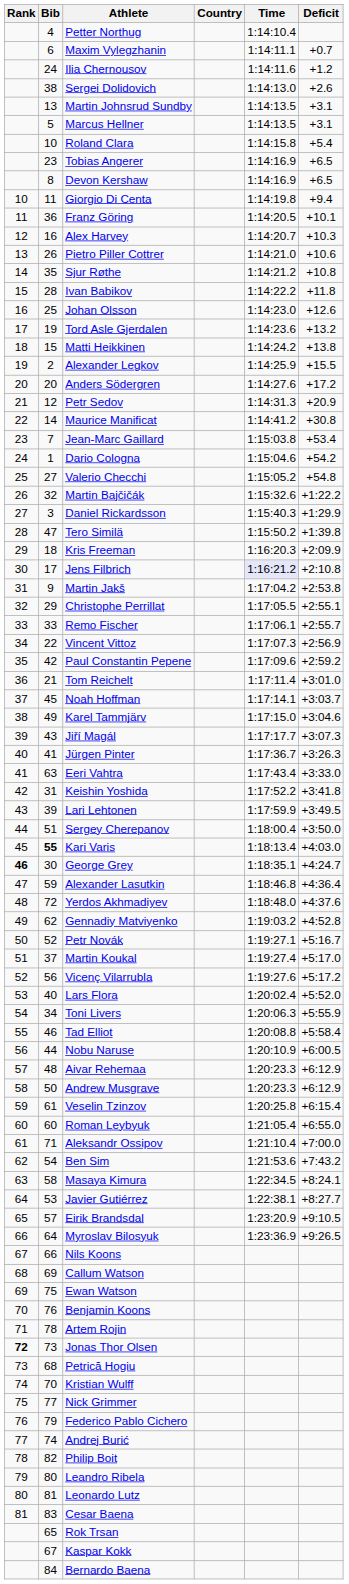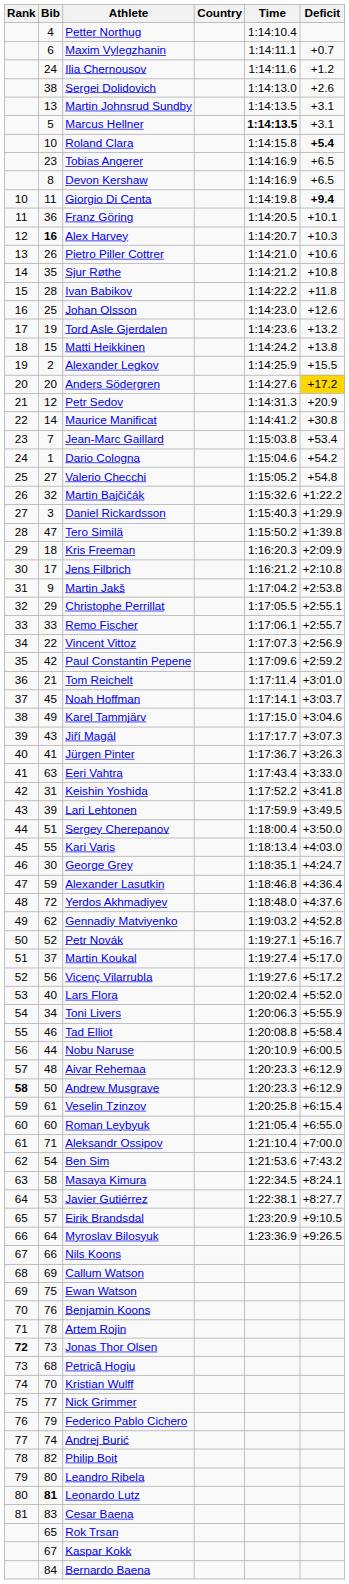 <table class="wikitable sortable" style="text-align:center">
 <tr>
 <th>Rank</th>
 <th>Bib</th>
 <th>Athlete</th>
 <th>Country</th>
 <th>Time</th>
 <th>Deficit</th>
 </tr>
 <tr>
 <td></td>
 <td>4</td>
 <td align=left><a href='#'>Petter Northug</a></td>
 <td align=left></td>
 <td>1:14:10.4</td>
 <td></td>
 </tr>
 <tr>
 <td></td>
 <td>6</td>
 <td align=left><a href='#'>Maxim Vylegzhanin</a></td>
 <td align=left></td>
 <td>1:14:11.1</td>
 <td>+0.7</td>
 </tr>
 <tr>
 <td></td>
 <td>24</td>
 <td align=left><a href='#'>Ilia Chernousov</a></td>
 <td align=left></td>
 <td>1:14:11.6</td>
 <td>+1.2</td>
 </tr>
 <tr>
 <td></td>
 <td>38</td>
 <td align=left><a href='#'>Sergei Dolidovich</a></td>
 <td align=left></td>
 <td>1:14:13.0</td>
 <td>+2.6</td>
 </tr>
 <tr>
 <td></td>
 <td>13</td>
 <td align=left><a href='#'>Martin Johnsrud Sundby</a></td>
 <td align=left></td>
 <td>1:14:13.5</td>
 <td>+3.1</td>
 </tr>
 <tr>
 <td></td>
 <td>5</td>
 <td align=left><a href='#'>Marcus Hellner</a></td>
 <td align=left></td>
-<td>1:14:13.5</td>
+<td><strong>1:14:13.5</strong></td>
 <td>+3.1</td>
 </tr>
 <tr>
 <td></td>
 <td>10</td>
 <td align=left><a href='#'>Roland Clara</a></td>
 <td align=left></td>
 <td>1:14:15.8</td>
-<td>+5.4</td>
+<td><strong>+5.4</strong></td>
 </tr>
 <tr>
 <td></td>
 <td>23</td>
 <td align=left><a href='#'>Tobias Angerer</a></td>
 <td align=left></td>
 <td>1:14:16.9</td>
 <td>+6.5</td>
 </tr>
 <tr>
 <td></td>
 <td>8</td>
 <td align=left><a href='#'>Devon Kershaw</a></td>
 <td align=left></td>
 <td>1:14:16.9</td>
 <td>+6.5</td>
 </tr>
 <tr>
 <td>10</td>
 <td>11</td>
 <td align=left><a href='#'>Giorgio Di Centa</a></td>
 <td align=left></td>
 <td>1:14:19.8</td>
-<td>+9.4</td>
+<td><strong>+9.4</strong></td>
 </tr>
 <tr>
 <td>11</td>
 <td>36</td>
 <td align=left><a href='#'>Franz Göring</a></td>
 <td align=left></td>
 <td>1:14:20.5</td>
 <td>+10.1</td>
 </tr>
 <tr>
 <td>12</td>
-<td>16</td>
+<td><strong>16</strong></td>
 <td align=left><a href='#'>Alex Harvey</a></td>
 <td align=left></td>
 <td>1:14:20.7</td>
 <td>+10.3</td>
 </tr>
 <tr>
 <td>13</td>
 <td>26</td>
 <td align=left><a href='#'>Pietro Piller Cottrer</a></td>
 <td align=left></td>
 <td>1:14:21.0</td>
 <td>+10.6</td>
 </tr>
 <tr>
 <td>14</td>
 <td>35</td>
 <td align=left><a href='#'>Sjur Røthe</a></td>
 <td align=left></td>
 <td>1:14:21.2</td>
 <td>+10.8</td>
 </tr>
 <tr>
 <td>15</td>
 <td>28</td>
 <td align=left><a href='#'>Ivan Babikov</a></td>
 <td align=left></td>
 <td>1:14:22.2</td>
 <td>+11.8</td>
 </tr>
 <tr>
 <td>16</td>
 <td>25</td>
 <td align=left><a href='#'>Johan Olsson</a></td>
 <td align=left></td>
 <td>1:14:23.0</td>
 <td>+12.6</td>
 </tr>
 <tr>
 <td>17</td>
 <td>19</td>
 <td align=left><a href='#'>Tord Asle Gjerdalen</a></td>
 <td align=left></td>
 <td>1:14:23.6</td>
 <td>+13.2</td>
 </tr>
 <tr>
 <td>18</td>
 <td>15</td>
 <td align=left><a href='#'>Matti Heikkinen</a></td>
 <td align=left></td>
 <td>1:14:24.2</td>
 <td>+13.8</td>
 </tr>
 <tr>
 <td>19</td>
 <td>2</td>
 <td align=left><a href='#'>Alexander Legkov</a></td>
 <td align=left></td>
 <td>1:14:25.9</td>
 <td>+15.5</td>
 </tr>
 <tr>
 <td>20</td>
 <td>20</td>
 <td align=left><a href='#'>Anders Södergren</a></td>
 <td align=left></td>
 <td>1:14:27.6</td>
-<td>+17.2</td>
+<td style="background: gold;">+17.2</td>
 </tr>
 <tr>
 <td>21</td>
 <td>12</td>
 <td align=left><a href='#'>Petr Sedov</a></td>
 <td align=left></td>
 <td>1:14:31.3</td>
 <td>+20.9</td>
 </tr>
 <tr>
 <td>22</td>
 <td>14</td>
 <td align=left><a href='#'>Maurice Manificat</a></td>
 <td align=left></td>
 <td>1:14:41.2</td>
 <td>+30.8</td>
 </tr>
 <tr>
 <td>23</td>
 <td>7</td>
 <td align=left><a href='#'>Jean-Marc Gaillard</a></td>
 <td align=left></td>
 <td>1:15:03.8</td>
 <td>+53.4</td>
 </tr>
 <tr>
 <td>24</td>
 <td>1</td>
 <td align=left><a href='#'>Dario Cologna</a></td>
 <td align=left></td>
 <td>1:15:04.6</td>
 <td>+54.2</td>
 </tr>
 <tr>
 <td>25</td>
 <td>27</td>
 <td align=left><a href='#'>Valerio Checchi</a></td>
 <td align=left></td>
 <td>1:15:05.2</td>
 <td>+54.8</td>
 </tr>
 <tr>
 <td>26</td>
 <td>32</td>
 <td align=left><a href='#'>Martin Bajčičák</a></td>
 <td align=left></td>
 <td>1:15:32.6</td>
 <td>+1:22.2</td>
 </tr>
 <tr>
 <td>27</td>
 <td>3</td>
 <td align=left><a href='#'>Daniel Rickardsson</a></td>
 <td align=left></td>
 <td>1:15:40.3</td>
 <td>+1:29.9</td>
 </tr>
 <tr>
 <td>28</td>
 <td>47</td>
 <td align=left><a href='#'>Tero Similä</a></td>
 <td align=left></td>
 <td>1:15:50.2</td>
 <td>+1:39.8</td>
 </tr>
 <tr>
 <td>29</td>
 <td>18</td>
 <td align=left><a href='#'>Kris Freeman</a></td>
 <td align=left></td>
 <td>1:16:20.3</td>
 <td>+2:09.9</td>
 </tr>
 <tr>
 <td>30</td>
 <td>17</td>
 <td align=left><a href='#'>Jens Filbrich</a></td>
 <td align=left></td>
-<td style="background: lavender;">1:16:21.2</td>
+<td>1:16:21.2</td>
 <td>+2:10.8</td>
 </tr>
 <tr>
 <td>31</td>
 <td>9</td>
 <td align=left><a href='#'>Martin Jakš</a></td>
 <td align=left></td>
 <td>1:17:04.2</td>
 <td>+2:53.8</td>
 </tr>
 <tr>
 <td>32</td>
 <td>29</td>
 <td align=left><a href='#'>Christophe Perrillat</a></td>
 <td align=left></td>
 <td>1:17:05.5</td>
 <td>+2:55.1</td>
 </tr>
 <tr>
 <td>33</td>
 <td>33</td>
 <td align=left><a href='#'>Remo Fischer</a></td>
 <td align=left></td>
 <td>1:17:06.1</td>
 <td>+2:55.7</td>
 </tr>
 <tr>
 <td>34</td>
 <td>22</td>
 <td align=left><a href='#'>Vincent Vittoz</a></td>
 <td align=left></td>
 <td>1:17:07.3</td>
 <td>+2:56.9</td>
 </tr>
 <tr>
 <td>35</td>
 <td>42</td>
 <td align=left><a href='#'>Paul Constantin Pepene</a></td>
 <td align=left></td>
 <td>1:17:09.6</td>
 <td>+2:59.2</td>
 </tr>
 <tr>
 <td>36</td>
 <td>21</td>
 <td align=left><a href='#'>Tom Reichelt</a></td>
 <td align=left></td>
 <td>1:17:11.4</td>
 <td>+3:01.0</td>
 </tr>
 <tr>
 <td>37</td>
 <td>45</td>
 <td align=left><a href='#'>Noah Hoffman</a></td>
 <td align=left></td>
 <td>1:17:14.1</td>
 <td>+3:03.7</td>
 </tr>
 <tr>
 <td>38</td>
 <td>49</td>
 <td align=left><a href='#'>Karel Tammjärv</a></td>
 <td align=left></td>
 <td>1:17:15.0</td>
 <td>+3:04.6</td>
 </tr>
 <tr>
 <td>39</td>
 <td>43</td>
 <td align=left><a href='#'>Jiří Magál</a></td>
 <td align=left></td>
 <td>1:17:17.7</td>
 <td>+3:07.3</td>
 </tr>
 <tr>
 <td>40</td>
 <td>41</td>
 <td align=left><a href='#'>Jürgen Pinter</a></td>
 <td align=left></td>
 <td>1:17:36.7</td>
 <td>+3:26.3</td>
 </tr>
 <tr>
 <td>41</td>
 <td>63</td>
 <td align=left><a href='#'>Eeri Vahtra</a></td>
 <td align=left></td>
 <td>1:17:43.4</td>
 <td>+3:33.0</td>
 </tr>
 <tr>
 <td>42</td>
 <td>31</td>
 <td align=left><a href='#'>Keishin Yoshida</a></td>
 <td align=left></td>
 <td>1:17:52.2</td>
 <td>+3:41.8</td>
 </tr>
 <tr>
 <td>43</td>
 <td>39</td>
 <td align=left><a href='#'>Lari Lehtonen</a></td>
 <td align=left></td>
 <td>1:17:59.9</td>
 <td>+3:49.5</td>
 </tr>
 <tr>
 <td>44</td>
 <td>51</td>
 <td align=left><a href='#'>Sergey Cherepanov</a></td>
 <td align=left></td>
 <td>1:18:00.4</td>
 <td>+3:50.0</td>
 </tr>
 <tr>
 <td>45</td>
-<td><strong>55</strong></td>
+<td>55</td>
 <td align=left><a href='#'>Kari Varis</a></td>
 <td align=left></td>
 <td>1:18:13.4</td>
 <td>+4:03.0</td>
 </tr>
 <tr>
-<td><strong>46</strong></td>
+<td>46</td>
 <td>30</td>
 <td align=left><a href='#'>George Grey</a></td>
 <td align=left></td>
 <td>1:18:35.1</td>
 <td>+4:24.7</td>
 </tr>
 <tr>
 <td>47</td>
 <td>59</td>
 <td align=left><a href='#'>Alexander Lasutkin</a></td>
 <td align=left></td>
 <td>1:18:46.8</td>
 <td>+4:36.4</td>
 </tr>
 <tr>
 <td>48</td>
 <td>72</td>
 <td align=left><a href='#'>Yerdos Akhmadiyev</a></td>
 <td align=left></td>
 <td>1:18:48.0</td>
 <td>+4:37.6</td>
 </tr>
 <tr>
 <td>49</td>
 <td>62</td>
 <td align=left><a href='#'>Gennadiy Matviyenko</a></td>
 <td align=left></td>
 <td>1:19:03.2</td>
 <td>+4:52.8</td>
 </tr>
 <tr>
 <td>50</td>
 <td>52</td>
 <td align=left><a href='#'>Petr Novák</a></td>
 <td align=left></td>
 <td>1:19:27.1</td>
 <td>+5:16.7</td>
 </tr>
 <tr>
 <td>51</td>
 <td>37</td>
 <td align=left><a href='#'>Martin Koukal</a></td>
 <td align=left></td>
 <td>1:19:27.4</td>
 <td>+5:17.0</td>
 </tr>
 <tr>
 <td>52</td>
 <td>56</td>
 <td align=left><a href='#'>Vicenç Vilarrubla</a></td>
 <td align=left></td>
 <td>1:19:27.6</td>
 <td>+5:17.2</td>
 </tr>
 <tr>
 <td>53</td>
 <td>40</td>
 <td align=left><a href='#'>Lars Flora</a></td>
 <td align=left></td>
 <td>1:20:02.4</td>
 <td>+5:52.0</td>
 </tr>
 <tr>
 <td>54</td>
 <td>34</td>
 <td align=left><a href='#'>Toni Livers</a></td>
 <td align=left></td>
 <td>1:20:06.3</td>
 <td>+5:55.9</td>
 </tr>
 <tr>
 <td>55</td>
 <td>46</td>
 <td align=left><a href='#'>Tad Elliot</a></td>
 <td align=left></td>
 <td>1:20:08.8</td>
 <td>+5:58.4</td>
 </tr>
 <tr>
 <td>56</td>
 <td>44</td>
 <td align=left><a href='#'>Nobu Naruse</a></td>
 <td align=left></td>
 <td>1:20:10.9</td>
 <td>+6:00.5</td>
 </tr>
 <tr>
 <td>57</td>
 <td>48</td>
 <td align=left><a href='#'>Aivar Rehemaa</a></td>
 <td align=left></td>
 <td>1:20:23.3</td>
 <td>+6:12.9</td>
 </tr>
 <tr>
-<td>58</td>
+<td><strong>58</strong></td>
 <td>50</td>
 <td align=left><a href='#'>Andrew Musgrave</a></td>
 <td align=left></td>
 <td>1:20:23.3</td>
 <td>+6:12.9</td>
 </tr>
 <tr>
 <td>59</td>
 <td>61</td>
 <td align=left><a href='#'>Veselin Tzinzov</a></td>
 <td align=left></td>
 <td>1:20:25.8</td>
 <td>+6:15.4</td>
 </tr>
 <tr>
 <td>60</td>
 <td>60</td>
 <td align=left><a href='#'>Roman Leybyuk</a></td>
 <td align=left></td>
 <td>1:21:05.4</td>
 <td>+6:55.0</td>
 </tr>
 <tr>
 <td>61</td>
 <td>71</td>
 <td align=left><a href='#'>Aleksandr Ossipov</a></td>
 <td align=left></td>
 <td>1:21:10.4</td>
 <td>+7:00.0</td>
 </tr>
 <tr>
 <td>62</td>
 <td>54</td>
 <td align=left><a href='#'>Ben Sim</a></td>
 <td align=left></td>
 <td>1:21:53.6</td>
 <td>+7:43.2</td>
 </tr>
 <tr>
 <td>63</td>
 <td>58</td>
 <td align=left><a href='#'>Masaya Kimura</a></td>
 <td align=left></td>
 <td>1:22:34.5</td>
 <td>+8:24.1</td>
 </tr>
 <tr>
 <td>64</td>
 <td>53</td>
 <td align=left><a href='#'>Javier Gutiérrez</a></td>
 <td align=left></td>
 <td>1:22:38.1</td>
 <td>+8:27.7</td>
 </tr>
 <tr>
 <td>65</td>
 <td>57</td>
 <td align=left><a href='#'>Eirik Brandsdal</a></td>
 <td align=left></td>
 <td>1:23:20.9</td>
 <td>+9:10.5</td>
 </tr>
 <tr>
 <td>66</td>
 <td>64</td>
 <td align=left><a href='#'>Myroslav Bilosyuk</a></td>
 <td align=left></td>
 <td>1:23:36.9</td>
 <td>+9:26.5</td>
 </tr>
 <tr>
 <td>67</td>
 <td>66</td>
 <td align=left><a href='#'>Nils Koons</a></td>
 <td align=left></td>
 <td></td>
 <td></td>
 </tr>
 <tr>
 <td>68</td>
 <td>69</td>
 <td align=left><a href='#'>Callum Watson</a></td>
 <td align=left></td>
 <td></td>
 <td></td>
 </tr>
 <tr>
 <td>69</td>
 <td>75</td>
 <td align=left><a href='#'>Ewan Watson</a></td>
 <td align=left></td>
 <td></td>
 <td></td>
 </tr>
 <tr>
 <td>70</td>
 <td>76</td>
 <td align=left><a href='#'>Benjamin Koons</a></td>
 <td align=left></td>
 <td></td>
 <td></td>
 </tr>
 <tr>
 <td>71</td>
 <td>78</td>
 <td align=left><a href='#'>Artem Rojin</a></td>
 <td align=left></td>
 <td></td>
 <td></td>
 </tr>
 <tr>
 <td><strong>72</strong></td>
 <td>73</td>
 <td align=left><a href='#'>Jonas Thor Olsen</a></td>
 <td align=left></td>
 <td></td>
 <td></td>
 </tr>
 <tr>
 <td>73</td>
 <td>68</td>
 <td align=left><a href='#'>Petrică Hogiu</a></td>
 <td align=left></td>
 <td></td>
 <td></td>
 </tr>
 <tr>
 <td>74</td>
 <td>70</td>
 <td align=left><a href='#'>Kristian Wulff</a></td>
 <td align=left></td>
 <td></td>
 <td></td>
 </tr>
 <tr>
 <td>75</td>
 <td>77</td>
 <td align=left><a href='#'>Nick Grimmer</a></td>
 <td align=left></td>
 <td></td>
 <td></td>
 </tr>
 <tr>
 <td>76</td>
 <td>79</td>
 <td align=left><a href='#'>Federico Pablo Cichero</a></td>
 <td align=left></td>
 <td></td>
 <td></td>
 </tr>
 <tr>
 <td>77</td>
 <td>74</td>
 <td align=left><a href='#'>Andrej Burić</a></td>
 <td align=left></td>
 <td></td>
 <td></td>
 </tr>
 <tr>
 <td>78</td>
 <td>82</td>
 <td align=left><a href='#'>Philip Boit</a></td>
 <td align=left></td>
 <td></td>
 <td></td>
 </tr>
 <tr>
 <td>79</td>
 <td>80</td>
 <td align=left><a href='#'>Leandro Ribela</a></td>
 <td align=left></td>
 <td></td>
 <td></td>
 </tr>
 <tr>
 <td>80</td>
-<td>81</td>
+<td><strong>81</strong></td>
 <td align=left><a href='#'>Leonardo Lutz</a></td>
 <td align=left></td>
 <td></td>
 <td></td>
 </tr>
 <tr>
 <td>81</td>
 <td>83</td>
 <td align=left><a href='#'>Cesar Baena</a></td>
 <td align=left></td>
 <td></td>
 <td></td>
 </tr>
 <tr>
 <td></td>
 <td>65</td>
 <td align=left><a href='#'>Rok Trsan</a></td>
 <td align=left></td>
 <td></td>
 <td></td>
 </tr>
 <tr>
 <td></td>
 <td>67</td>
 <td align=left><a href='#'>Kaspar Kokk</a></td>
 <td align=left></td>
 <td></td>
 <td></td>
 </tr>
 <tr>
 <td></td>
 <td>84</td>
 <td align=left><a href='#'>Bernardo Baena</a></td>
 <td align=left></td>
 <td></td>
 <td></td>
 </tr>
 </table>
